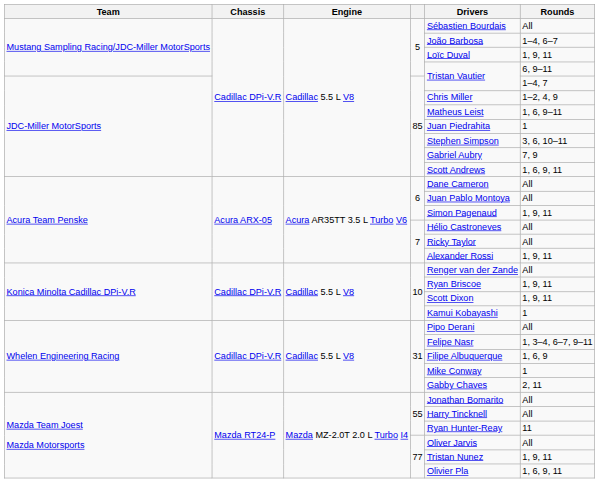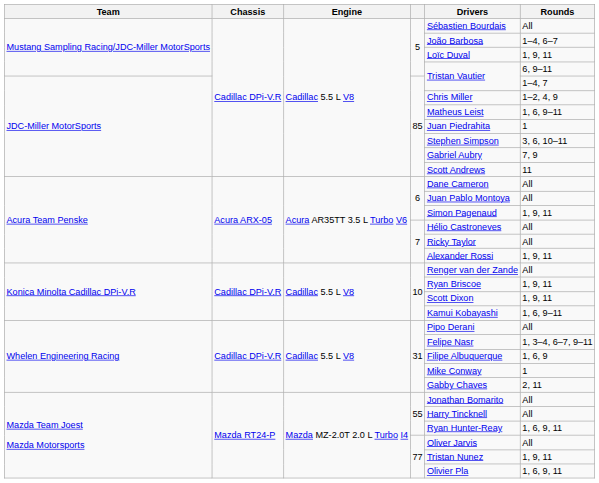 <table class="wikitable" style="font-size: 85%">
 <tr>
 <th>Team</th>
 <th>Chassis</th>
 <th>Engine</th>
 <th></th>
 <th>Drivers</th>
 <th>Rounds</th>
 </tr>
 <tr>
 <td rowspan=4> <a href='#'>Mustang Sampling Racing/JDC-Miller MotorSports</a></td>
 <td rowspan=11><a href='#'>Cadillac DPi-V.R</a></td>
 <td rowspan=11><a href='#'>Cadillac</a> 5.5 L <a href='#'>V8</a></td>
 <td rowspan="4" align="center">5</td>
 <td> <a href='#'>Sébastien Bourdais</a></td>
 <td>All</td>
 </tr>
 <tr>
 <td> <a href='#'>João Barbosa</a></td>
 <td>1–4, 6–7</td>
 </tr>
 <tr>
 <td> <a href='#'>Loïc Duval</a></td>
 <td>1, 9, 11</td>
 </tr>
 <tr>
 <td rowspan=2> <a href='#'>Tristan Vautier</a></td>
 <td>6, 9–11</td>
 </tr>
 <tr>
 <td rowspan=7> <a href='#'>JDC-Miller MotorSports</a></td>
 <td rowspan="7" align="center">85</td>
 <td>1–4, 7</td>
 </tr>
 <tr>
 <td> <a href='#'>Chris Miller</a></td>
 <td>1–2, 4, 9</td>
 </tr>
 <tr>
 <td> <a href='#'>Matheus Leist</a></td>
 <td>1, 6, 9–11</td>
 </tr>
 <tr>
 <td> <a href='#'>Juan Piedrahita</a></td>
 <td>1</td>
 </tr>
 <tr>
 <td> <a href='#'>Stephen Simpson</a></td>
 <td>3, 6, 10–11</td>
 </tr>
 <tr>
 <td> <a href='#'>Gabriel Aubry</a></td>
 <td>7, 9</td>
 </tr>
 <tr>
 <td> <a href='#'>Scott Andrews</a></td>
-<td>1, 6, 9, 11</td>
+<td>11</td>
 </tr>
 <tr>
 <td rowspan=6> <a href='#'>Acura Team Penske</a></td>
 <td rowspan=6><a href='#'>Acura ARX-05</a></td>
 <td rowspan=6><a href='#'>Acura</a> AR35TT 3.5 L <a href='#'>Turbo</a> <a href='#'>V6</a></td>
 <td rowspan="3" align="center">6</td>
 <td> <a href='#'>Dane Cameron</a></td>
 <td>All</td>
 </tr>
 <tr>
 <td> <a href='#'>Juan Pablo Montoya</a></td>
 <td>All</td>
 </tr>
 <tr>
 <td> <a href='#'>Simon Pagenaud</a></td>
 <td>1, 9, 11</td>
 </tr>
 <tr>
 <td rowspan="3" align="center">7</td>
 <td> <a href='#'>Hélio Castroneves</a></td>
 <td>All</td>
 </tr>
 <tr>
 <td> <a href='#'>Ricky Taylor</a></td>
 <td>All</td>
 </tr>
 <tr>
 <td> <a href='#'>Alexander Rossi</a></td>
 <td>1, 9, 11</td>
 </tr>
 <tr>
 <td rowspan=4> <a href='#'>Konica Minolta Cadillac DPi-V.R</a></td>
 <td rowspan=4><a href='#'>Cadillac DPi-V.R</a></td>
 <td rowspan=4><a href='#'>Cadillac</a> 5.5 L <a href='#'>V8</a></td>
 <td rowspan="4" align="center">10</td>
 <td> <a href='#'>Renger van der Zande</a></td>
 <td>All</td>
 </tr>
 <tr>
 <td> <a href='#'>Ryan Briscoe</a></td>
 <td>1, 9, 11</td>
 </tr>
 <tr>
 <td> <a href='#'>Scott Dixon</a></td>
 <td>1, 9, 11</td>
 </tr>
 <tr>
 <td> <a href='#'>Kamui Kobayashi</a></td>
-<td>1</td>
+<td>1, 6, 9–11</td>
 </tr>
 <tr>
 <td rowspan=5> <a href='#'>Whelen Engineering Racing</a></td>
 <td rowspan=5><a href='#'>Cadillac DPi-V.R</a></td>
 <td rowspan=5><a href='#'>Cadillac</a> 5.5 L <a href='#'>V8</a></td>
 <td rowspan="5" align="center">31</td>
 <td> <a href='#'>Pipo Derani</a></td>
 <td>All</td>
 </tr>
 <tr>
 <td> <a href='#'>Felipe Nasr</a></td>
 <td>1, 3–4, 6–7, 9–11</td>
 </tr>
 <tr>
 <td> <a href='#'>Filipe Albuquerque</a></td>
 <td>1, 6, 9</td>
 </tr>
 <tr>
 <td> <a href='#'>Mike Conway</a></td>
 <td>1</td>
 </tr>
 <tr>
 <td> <a href='#'>Gabby Chaves</a></td>
 <td>2, 11</td>
 </tr>
 <tr>
 <td rowspan=6> <a href='#'>Mazda Team Joest</a><br><br> <a href='#'>Mazda Motorsports</a></td>
 <td rowspan=6><a href='#'>Mazda RT24-P</a></td>
 <td rowspan=6><a href='#'>Mazda</a> MZ-2.0T 2.0 L <a href='#'>Turbo</a> <a href='#'>I4</a></td>
 <td rowspan="3" align="center">55</td>
 <td> <a href='#'>Jonathan Bomarito</a></td>
 <td>All</td>
 </tr>
 <tr>
 <td> <a href='#'>Harry Tincknell</a></td>
 <td>All</td>
 </tr>
 <tr>
 <td> <a href='#'>Ryan Hunter-Reay</a></td>
-<td>11</td>
+<td>1, 6, 9, 11</td>
 </tr>
 <tr>
 <td rowspan="3" align="center">77</td>
 <td> <a href='#'>Oliver Jarvis</a></td>
 <td>All</td>
 </tr>
 <tr>
 <td> <a href='#'>Tristan Nunez</a></td>
 <td>1, 9, 11</td>
 </tr>
 <tr>
 <td> <a href='#'>Olivier Pla</a></td>
 <td>1, 6, 9, 11</td>
 </tr>
 </table>
